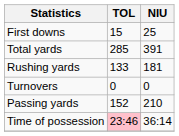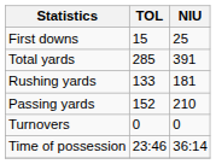 <table class="wikitable" style="float: left;">
 <tr>
 <th>Statistics</th>
 <th>TOL</th>
 <th>NIU</th>
 </tr>
 <tr>
 <td>First downs</td>
 <td>15</td>
 <td>25</td>
 </tr>
 <tr>
 <td>Total yards</td>
 <td>285</td>
 <td>391</td>
 </tr>
 <tr>
 <td>Rushing yards</td>
 <td>133</td>
 <td>181</td>
 </tr>
 <tr>
+<td>Passing yards</td>
+<td>152</td>
+<td>210</td>
+</tr>
+<tr>
 <td>Turnovers</td>
 <td>0</td>
 <td>0</td>
 </tr>
 <tr>
-<td>Passing yards</td>
-<td>152</td>
-<td>210</td>
-</tr>
-<tr>
 <td>Time of possession</td>
-<td style="background: pink;">23:46</td>
+<td>23:46</td>
 <td>36:14</td>
 </tr>
 <tr>
 </tr>
 </table>
